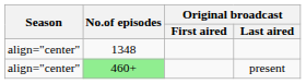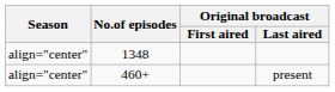 <table class="wikitable" style="text-align:center">
 <tr>
 <th style="padding: 0 8px" rowspan="2">Season</th>
 <th rowspan="2">No.of episodes</th>
 <th colspan="2">Original broadcast</th>
 </tr>
 <tr>
 <th style="padding: 0 8px">First aired</th>
 <th style="padding: 0 8px">Last aired</th>
 </tr>
 <tr>
 <td>align="center" </td>
 <td style="text-align:center;">1348</td>
 <td style="text-align:center;"></td>
 <td style="text-align:center;"></td>
 </tr>
 <tr>
 <td>align="center" </td>
-<td style="background: lightgreen; text-align:center;">460+</td>
+<td style="text-align:center;">460+</td>
 <td style="text-align:center;"></td>
 <td>present</td>
 </tr>
 </table>
